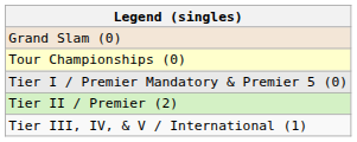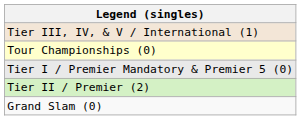 <table class="wikitable sortable mw-collapsible mw-collapsed">
 <tr>
 <th>Legend (singles)</th>
 </tr>
 <tr style="background:#f3e6d7;">
-<td>Grand Slam (0)</td>
+<td>Tier III, IV, & V / International (1)</td>
 </tr>
 <tr style="background:#ffc;">
 <td>Tour Championships (0)</td>
 </tr>
 <tr style="background:#e9e9e9;">
 <td>Tier I / Premier Mandatory & Premier 5 (0)</td>
 </tr>
 <tr style="background:#d4f1c5;">
 <td>Tier II / Premier (2)</td>
 </tr>
 <tr bgcolor=>
-<td>Tier III, IV, & V / International (1)</td>
+<td>Grand Slam (0)</td>
 </tr>
 </table>
